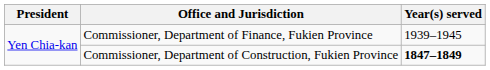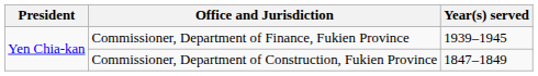 <table class=wikitable>
 <tr>
 <th>President</th>
 <th>Office and Jurisdiction</th>
 <th>Year(s) served</th>
 </tr>
 <tr>
 <td rowspan=2><a href='#'>Yen Chia-kan</a></td>
 <td>Commissioner, Department of Finance, Fukien Province</td>
 <td>1939–1945</td>
 </tr>
 <tr>
 <td>Commissioner, Department of Construction, Fukien Province</td>
-<td><strong>1847–1849</strong></td>
+<td>1847–1849</td>
 </tr>
 </table>
